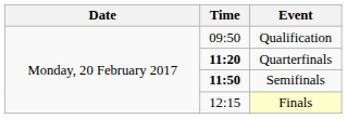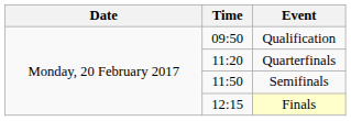 <table class = "wikitable" style="text-align:center;">
 <tr>
 <th width=220>Date</th>
 <th width=50>Time</th>
 <th width=100>Event</th>
 </tr>
 <tr>
 <td rowspan=4>Monday, 20 February 2017</td>
 <td>09:50</td>
 <td>Qualification</td>
 </tr>
 <tr>
-<td><strong>11:20</strong></td>
+<td>11:20</td>
 <td>Quarterfinals</td>
 </tr>
 <tr>
-<td><strong>11:50</strong></td>
+<td>11:50</td>
 <td>Semifinals</td>
 </tr>
 <tr>
 <td>12:15</td>
 <td bgcolor=ffffcc>Finals</td>
 </tr>
 </table>
